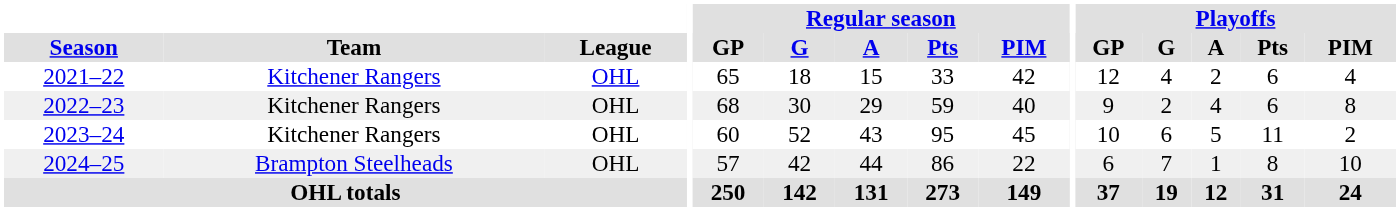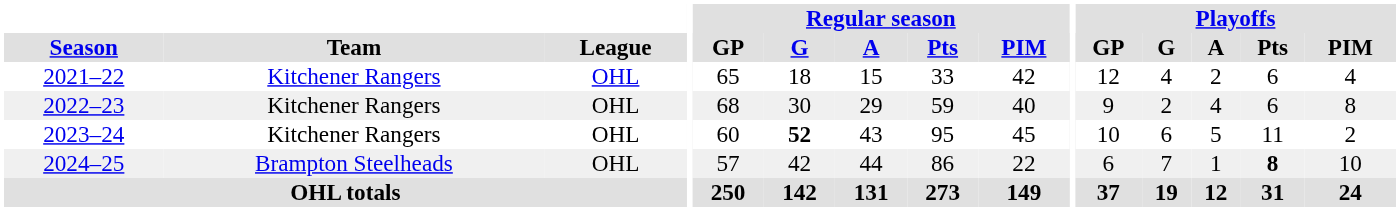 <table border="0" cellpadding="1" cellspacing="0" style="text-align:center; width:60em">
 <tr bgcolor="#e0e0e0">
 <th colspan="3" bgcolor="#ffffff"></th>
 <th rowspan="101" bgcolor="#ffffff"></th>
 <th colspan="5"><a href='#'>Regular season</a></th>
 <th rowspan="101" bgcolor="#ffffff"></th>
 <th colspan="5"><a href='#'>Playoffs</a></th>
 </tr>
 <tr bgcolor="#e0e0e0">
 <th><a href='#'>Season</a></th>
 <th>Team</th>
 <th>League</th>
 <th>GP</th>
 <th><a href='#'>G</a></th>
 <th><a href='#'>A</a></th>
 <th><a href='#'>Pts</a></th>
 <th><a href='#'>PIM</a></th>
 <th>GP</th>
 <th>G</th>
 <th>A</th>
 <th>Pts</th>
 <th>PIM</th>
 </tr>
 <tr>
 <td><a href='#'>2021–22</a></td>
 <td><a href='#'>Kitchener Rangers</a></td>
 <td><a href='#'>OHL</a></td>
 <td>65</td>
 <td>18</td>
 <td>15</td>
 <td>33</td>
 <td>42</td>
 <td>12</td>
 <td>4</td>
 <td>2</td>
 <td>6</td>
 <td>4</td>
 </tr>
 <tr bgcolor="#f0f0f0">
 <td><a href='#'>2022–23</a></td>
 <td>Kitchener Rangers</td>
 <td>OHL</td>
 <td>68</td>
 <td>30</td>
 <td>29</td>
 <td>59</td>
 <td>40</td>
 <td>9</td>
 <td>2</td>
 <td>4</td>
 <td>6</td>
 <td>8</td>
 </tr>
 <tr>
 <td><a href='#'>2023–24</a></td>
 <td>Kitchener Rangers</td>
 <td>OHL</td>
 <td>60</td>
-<td>52</td>
+<td><strong>52</strong></td>
 <td>43</td>
 <td>95</td>
 <td>45</td>
 <td>10</td>
 <td>6</td>
 <td>5</td>
 <td>11</td>
 <td>2</td>
 </tr>
 <tr bgcolor="#f0f0f0">
 <td><a href='#'>2024–25</a></td>
 <td><a href='#'>Brampton Steelheads</a></td>
 <td>OHL</td>
 <td>57</td>
 <td>42</td>
 <td>44</td>
 <td>86</td>
 <td>22</td>
 <td>6</td>
 <td>7</td>
 <td>1</td>
-<td>8</td>
+<td><strong>8</strong></td>
 <td>10</td>
 </tr>
 <tr bgcolor="#e0e0e0">
 <th colspan="3">OHL totals</th>
 <th>250</th>
 <th>142</th>
 <th>131</th>
 <th>273</th>
 <th>149</th>
 <th>37</th>
 <th>19</th>
 <th>12</th>
 <th>31</th>
 <th>24</th>
 </tr>
 </table>
